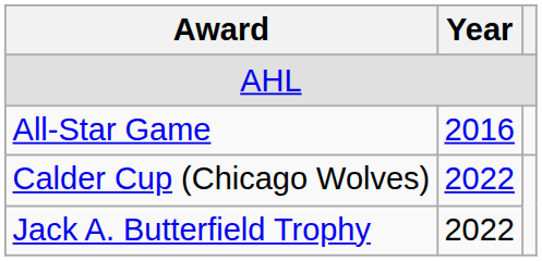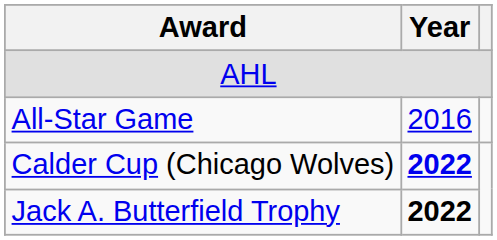 <table class="wikitable">
 <tr>
 <th>Award</th>
 <th>Year</th>
 <th></th>
 </tr>
 <tr ALIGN="center" bgcolor="#e0e0e0">
 <td colspan="3"><a href='#'>AHL</a></td>
 </tr>
 <tr>
 <td><a href='#'>All-Star Game</a></td>
 <td><a href='#'>2016</a></td>
 <td></td>
 </tr>
 <tr>
 <td><a href='#'>Calder Cup</a> (Chicago Wolves)</td>
-<td><a href='#'>2022</a></td>
+<td><strong><a href='#'>2022</a></strong></td>
 <td rowspan="2"></td>
 </tr>
 <tr>
 <td><a href='#'>Jack A. Butterfield Trophy</a></td>
-<td>2022</td>
+<td><strong>2022</strong></td>
 </tr>
 </table>
